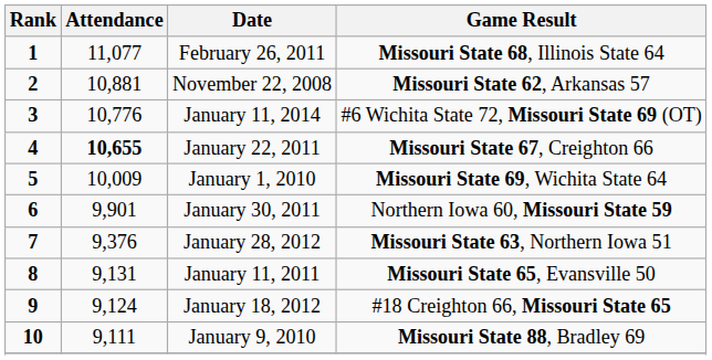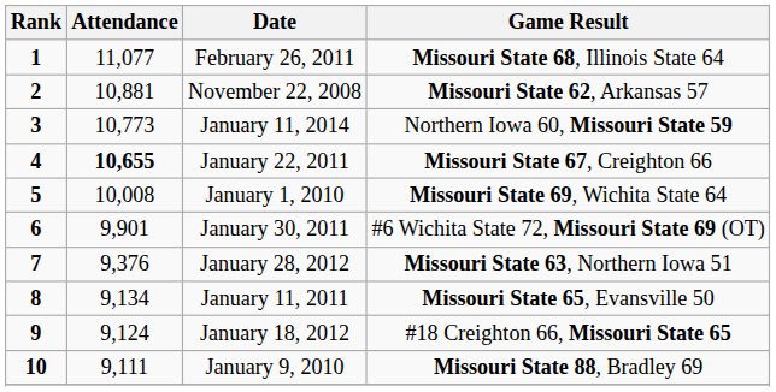 <table class="wikitable">
 <tr>
 <th>Rank</th>
 <th>Attendance</th>
 <th>Date</th>
 <th>Game Result</th>
 </tr>
 <tr align="center">
 <td><strong>1</strong></td>
 <td>11,077</td>
 <td>February 26, 2011</td>
 <td><strong>Missouri State 68</strong>, Illinois State 64</td>
 </tr>
 <tr align="center">
 <td><strong>2</strong></td>
 <td>10,881</td>
 <td>November 22, 2008</td>
 <td><strong>Missouri State 62</strong>, Arkansas 57</td>
 </tr>
 <tr align="center">
 <td><strong>3</strong></td>
-<td>10,776</td>
+<td>10,773</td>
 <td>January 11, 2014</td>
-<td>#6 Wichita State 72, <strong>Missouri State 69</strong> (OT)</td>
+<td>Northern Iowa 60, <strong>Missouri State 59</strong></td>
 </tr>
 <tr align="center">
 <td><strong>4</strong></td>
 <td><strong>10,655</strong></td>
 <td>January 22, 2011</td>
 <td><strong>Missouri State 67</strong>, Creighton 66</td>
 </tr>
 <tr align="center">
 <td><strong>5</strong></td>
-<td>10,009</td>
+<td>10,008</td>
 <td>January 1, 2010</td>
 <td><strong>Missouri State 69</strong>, Wichita State 64</td>
 </tr>
 <tr align="center">
 <td><strong>6</strong></td>
 <td>9,901</td>
 <td>January 30, 2011</td>
-<td>Northern Iowa 60, <strong>Missouri State 59</strong></td>
+<td>#6 Wichita State 72, <strong>Missouri State 69</strong> (OT)</td>
 </tr>
 <tr align="center">
 <td><strong>7</strong></td>
 <td>9,376</td>
 <td>January 28, 2012</td>
 <td><strong>Missouri State 63</strong>, Northern Iowa 51</td>
 </tr>
 <tr align="center">
 <td><strong>8</strong></td>
-<td>9,131</td>
+<td>9,134</td>
 <td>January 11, 2011</td>
 <td><strong>Missouri State 65</strong>, Evansville 50</td>
 </tr>
 <tr align="center">
 <td><strong>9</strong></td>
 <td>9,124</td>
 <td>January 18, 2012</td>
 <td>#18 Creighton 66, <strong>Missouri State 65</strong></td>
 </tr>
 <tr align="center">
 <td><strong>10</strong></td>
 <td>9,111</td>
 <td>January 9, 2010</td>
 <td><strong>Missouri State 88</strong>, Bradley 69</td>
 </tr>
 <tr align="center">
 </tr>
 <tr>
 </tr>
 </table>
